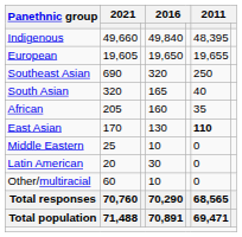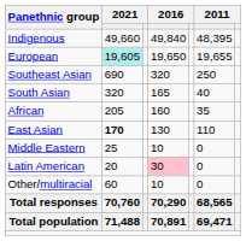 <table class="wikitable collapsible sortable">
 <tr>
 <th rowspan="2"><a href='#'>Panethnic</a> group</th>
 <th colspan="2">2021</th>
 <th colspan="2">2016</th>
 <th colspan="2">2011</th>
 </tr>
 <tr>
 <th><a href='#'></a></th>
 <th></th>
 <th></th>
 <th></th>
 <th></th>
 <th></th>
 </tr>
 <tr>
 <td><a href='#'>Indigenous</a></td>
 <td>49,660</td>
 <td></td>
 <td>49,840</td>
 <td></td>
 <td>48,395</td>
 <td></td>
 </tr>
 <tr>
 <td><a href='#'>European</a></td>
-<td>19,605</td>
+<td style="background: paleturquoise;">19,605</td>
 <td></td>
 <td>19,650</td>
 <td></td>
 <td>19,655</td>
 <td></td>
 </tr>
 <tr>
 <td><a href='#'>Southeast Asian</a></td>
 <td>690</td>
 <td></td>
 <td>320</td>
 <td></td>
 <td>250</td>
 <td></td>
 </tr>
 <tr>
 <td><a href='#'>South Asian</a></td>
 <td>320</td>
 <td></td>
 <td>165</td>
 <td></td>
 <td>40</td>
 <td></td>
 </tr>
 <tr>
 <td><a href='#'>African</a></td>
 <td>205</td>
 <td></td>
 <td>160</td>
 <td></td>
 <td>35</td>
 <td></td>
 </tr>
 <tr>
 <td><a href='#'>East Asian</a></td>
-<td>170</td>
+<td><strong>170</strong></td>
 <td></td>
 <td>130</td>
 <td></td>
-<td><strong>110</strong></td>
+<td>110</td>
 <td></td>
 </tr>
 <tr>
 <td><a href='#'>Middle Eastern</a></td>
 <td>25</td>
 <td></td>
 <td>10</td>
 <td></td>
 <td>0</td>
 <td></td>
 </tr>
 <tr>
 <td><a href='#'>Latin American</a></td>
 <td>20</td>
 <td></td>
-<td>30</td>
+<td style="background: pink;">30</td>
 <td></td>
 <td>0</td>
 <td></td>
 </tr>
 <tr>
 <td>Other/<a href='#'>multiracial</a></td>
 <td>60</td>
 <td></td>
 <td>10</td>
 <td></td>
 <td>0</td>
 <td></td>
 </tr>
 <tr>
 <th>Total responses</th>
 <th>70,760</th>
 <th></th>
 <th>70,290</th>
 <th></th>
 <th>68,565</th>
 <th></th>
 </tr>
 <tr class="sortbottom">
 <th>Total population</th>
 <th>71,488</th>
 <th></th>
 <th>70,891</th>
 <th></th>
 <th>69,471</th>
 <th></th>
 </tr>
 <tr class="sortbottom">
 <td colspan="15"></td>
 </tr>
 </table>
